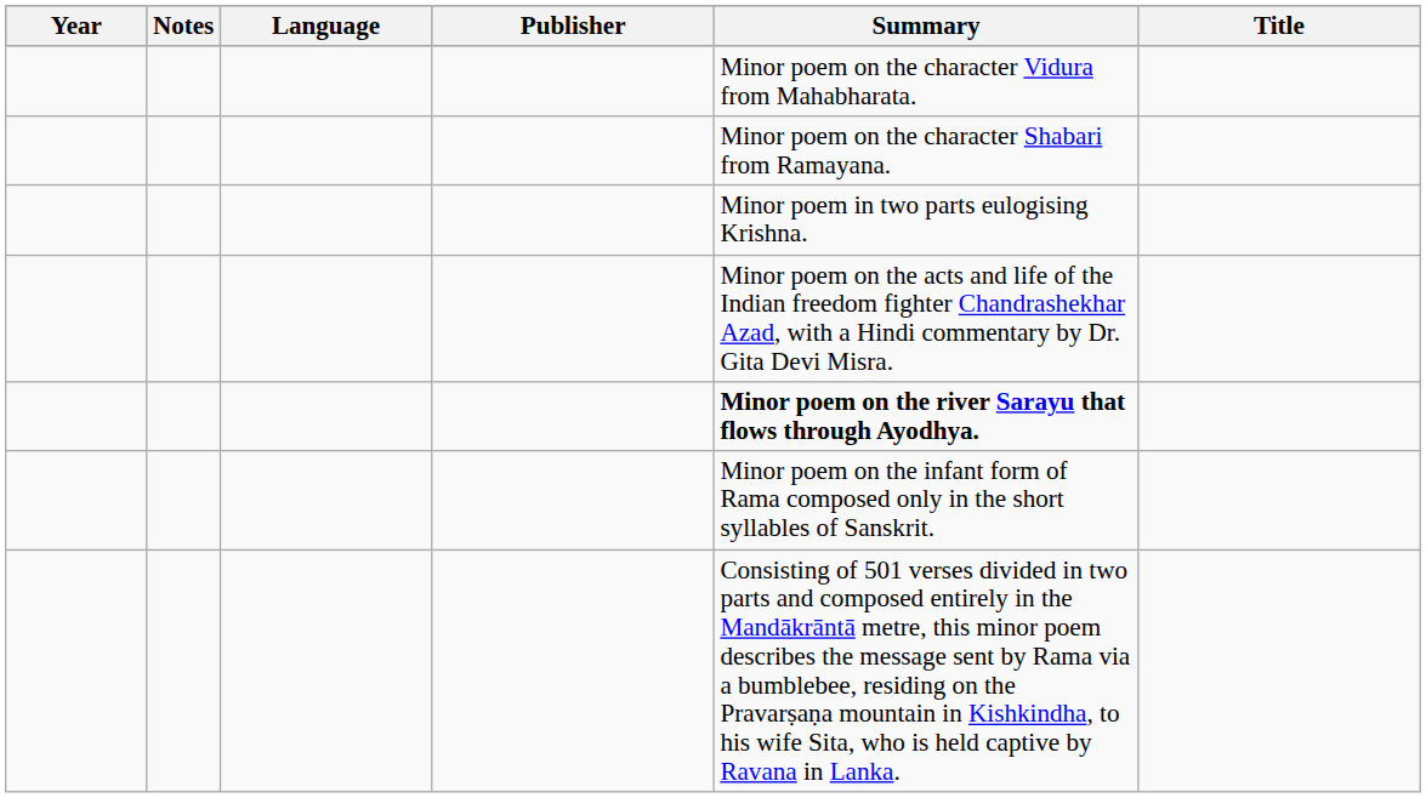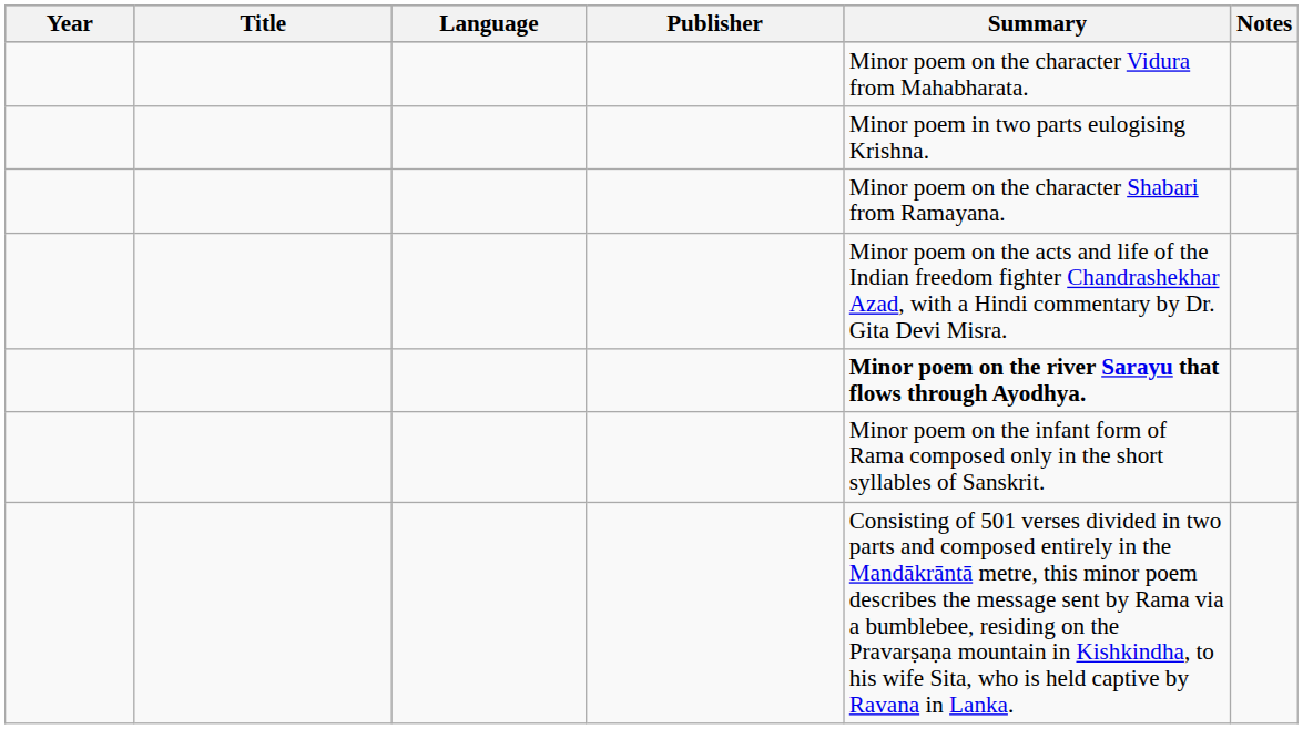 <table class="wikitable sortable" align="center" cellpadding="7" style="clear:both" width="100%">
 <tr align="center" bgcolor="#696969">
 <th scope="col" width="10%"><div>Year</div></th>
-<th scope="col" class="unsortable" align="center" width="5%">Notes</th>
+<th scope="col" width="20%"><div>Title</div></th>
 <th scope="col" width="15%"><div>Language</div></th>
 <th scope="col" width="20%"><div>Publisher</div></th>
 <th scope="col" class="unsortable" align="center" width="30%">Summary</th>
-<th scope="col" width="20%"><div>Title</div></th>
+<th scope="col" class="unsortable" align="center" width="5%">Notes</th>
 </tr>
 <tr valign="top">
 <td></td>
 <td></td>
 <td></td>
 <td></td>
 <td>Minor poem on the character <a href='#'>Vidura</a> from Mahabharata.</td>
 <td></td>
 </tr>
 <tr valign="top">
 <td></td>
 <td></td>
 <td></td>
 <td></td>
-<td>Minor poem on the character <a href='#'>Shabari</a> from Ramayana.</td>
+<td>Minor poem in two parts eulogising Krishna.</td>
 <td></td>
 </tr>
 <tr valign="top">
 <td></td>
 <td></td>
 <td></td>
 <td></td>
-<td>Minor poem in two parts eulogising Krishna.</td>
+<td>Minor poem on the character <a href='#'>Shabari</a> from Ramayana.</td>
 <td></td>
 </tr>
 <tr valign="top">
 <td></td>
 <td></td>
 <td></td>
 <td></td>
 <td>Minor poem on the acts and life of the Indian freedom fighter <a href='#'>Chandrashekhar Azad</a>, with a Hindi commentary by Dr. Gita Devi Misra.</td>
 <td></td>
 </tr>
 <tr valign="top">
 <td></td>
 <td></td>
 <td></td>
 <td></td>
 <td><strong>Minor poem on the river <a href='#'>Sarayu</a> that flows through Ayodhya.</strong></td>
 <td></td>
 </tr>
 <tr valign="top">
 <td></td>
 <td></td>
 <td></td>
 <td></td>
 <td>Minor poem on the infant form of Rama composed only in the short syllables of Sanskrit.</td>
 <td></td>
 </tr>
 <tr valign="top">
 <td></td>
 <td></td>
 <td></td>
 <td></td>
 <td>Consisting of 501 verses divided in two parts and composed entirely in the <a href='#'>Mandākrāntā</a> metre, this minor poem describes the message sent by Rama via a bumblebee, residing on the Pravarṣaṇa mountain in <a href='#'>Kishkindha</a>, to his wife Sita, who is held captive by <a href='#'>Ravana</a> in <a href='#'>Lanka</a>.</td>
 <td></td>
 </tr>
 </table>
